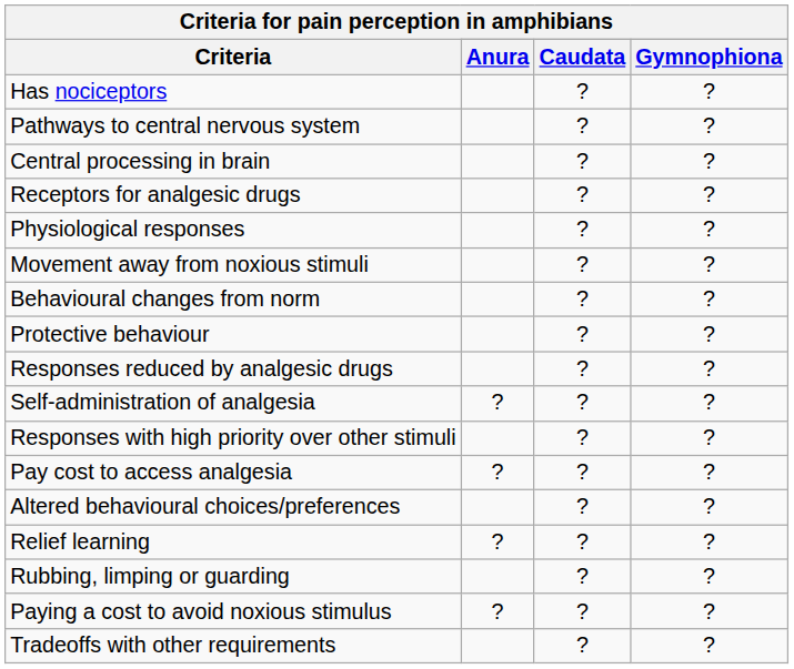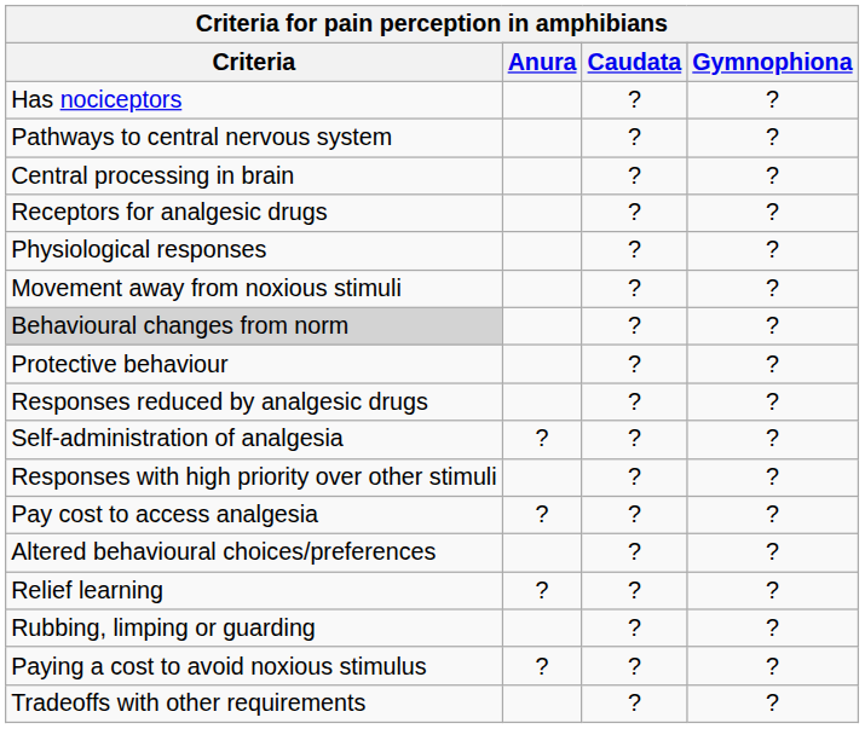 <table class="wikitable">
 <tr>
 <th colspan=5>Criteria for pain perception in amphibians</th>
 </tr>
 <tr>
 <th rowspan=2>Criteria</th>
 </tr>
 <tr>
 <th valign=top><a href='#'>Anura</a><br></th>
 <th valign=top><a href='#'>Caudata</a><br></th>
 <th valign=top><a href='#'>Gymnophiona</a><br></th>
 </tr>
 <tr>
 <td>Has <a href='#'>nociceptors</a></td>
 <td align=center></td>
 <td align=center>?</td>
 <td align=center>?</td>
 </tr>
 <tr>
 <td>Pathways to central nervous system</td>
 <td align=center></td>
 <td align=center>?</td>
 <td align=center>?</td>
 </tr>
 <tr>
 <td>Central processing in brain</td>
 <td align=center></td>
 <td align=center>?</td>
 <td align=center>?</td>
 </tr>
 <tr>
 <td>Receptors for analgesic drugs</td>
 <td align=center></td>
 <td align=center>?</td>
 <td align=center>?</td>
 </tr>
 <tr>
 <td>Physiological responses</td>
 <td align=center></td>
 <td align=center>?</td>
 <td align=center>?</td>
 </tr>
 <tr>
 <td>Movement away from noxious stimuli</td>
 <td align=center></td>
 <td align=center>?</td>
 <td align=center>?</td>
 </tr>
 <tr>
-<td>Behavioural changes from norm</td>
+<td style="background: lightgrey;">Behavioural changes from norm</td>
 <td align=center></td>
 <td align=center>?</td>
 <td align=center>?</td>
 </tr>
 <tr>
 <td>Protective behaviour</td>
 <td align=center></td>
 <td align=center>?</td>
 <td align=center>?</td>
 </tr>
 <tr>
 <td>Responses reduced by analgesic drugs</td>
 <td align=center></td>
 <td align=center>?</td>
 <td align=center>?</td>
 </tr>
 <tr>
 <td>Self-administration of analgesia</td>
 <td align=center>?</td>
 <td align=center>?</td>
 <td align=center>?</td>
 </tr>
 <tr>
 <td>Responses with high priority over other stimuli</td>
 <td align=center></td>
 <td align=center>?</td>
 <td align=center>?</td>
 </tr>
 <tr>
 <td>Pay cost to access analgesia</td>
 <td align=center>?</td>
 <td align=center>?</td>
 <td align=center>?</td>
 </tr>
 <tr>
 <td>Altered behavioural choices/preferences</td>
 <td align=center></td>
 <td align=center>?</td>
 <td align=center>?</td>
 </tr>
 <tr>
 <td>Relief learning</td>
 <td align=center>?</td>
 <td align=center>?</td>
 <td align=center>?</td>
 </tr>
 <tr>
 <td>Rubbing, limping or guarding</td>
 <td align=center></td>
 <td align=center>?</td>
 <td align=center>?</td>
 </tr>
 <tr>
 <td>Paying a cost to avoid noxious stimulus</td>
 <td align=center>?</td>
 <td align=center>?</td>
 <td align=center>?</td>
 </tr>
 <tr>
 <td>Tradeoffs with other requirements</td>
 <td align=center></td>
 <td align=center>?</td>
 <td align=center>?</td>
 </tr>
 </table>
